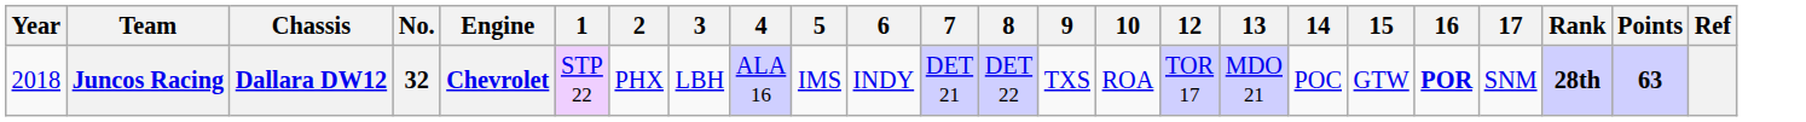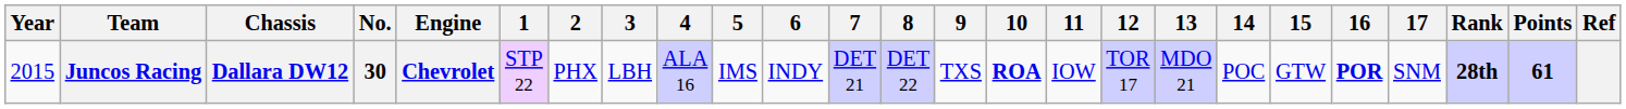 <table class="wikitable" style="text-align:center; font-size:85%">
 <tr>
 <th>Year</th>
 <th>Team</th>
 <th>Chassis</th>
 <th>No.</th>
 <th>Engine</th>
 <th>1</th>
 <th>2</th>
 <th>3</th>
 <th>4</th>
 <th>5</th>
 <th>6</th>
 <th>7</th>
 <th>8</th>
 <th>9</th>
 <th>10</th>
+<th>11</th>
 <th>12</th>
 <th>13</th>
 <th>14</th>
 <th>15</th>
 <th>16</th>
 <th>17</th>
 <th>Rank</th>
 <th>Points</th>
 <th>Ref</th>
 </tr>
 <tr>
-<td><a href='#'>2018</a></td>
+<td><a href='#'>2015</a></td>
 <th nowrap><a href='#'>Juncos Racing</a></th>
 <th nowrap><a href='#'>Dallara DW12</a></th>
-<th>32</th>
+<th>30</th>
 <th rowspan=1><a href='#'>Chevrolet</a></th>
 <td style="background:#EFCFFF;"><a href='#'>STP</a><br><small>22</small></td>
 <td><a href='#'>PHX</a></td>
 <td><a href='#'>LBH</a></td>
 <td style="background:#CFCFFF;"><a href='#'>ALA</a><br><small>16</small></td>
 <td><a href='#'>IMS</a></td>
 <td><a href='#'>INDY</a></td>
 <td style="background:#CFCFFF;"><a href='#'>DET</a><br><small>21</small></td>
 <td style="background:#CFCFFF;"><a href='#'>DET</a><br><small>22</small></td>
 <td><a href='#'>TXS</a></td>
-<td><a href='#'>ROA</a></td>
+<td><strong><a href='#'>ROA</a></strong></td>
+<td><a href='#'>IOW</a></td>
 <td style="background:#CFCFFF;"><a href='#'>TOR</a><br><small>17</small></td>
 <td style="background:#CFCFFF;"><a href='#'>MDO</a><br><small>21</small></td>
 <td><a href='#'>POC</a></td>
 <td><a href='#'>GTW</a></td>
 <td><strong><a href='#'>POR</a></strong></td>
 <td><a href='#'>SNM</a></td>
 <th style="background:#CFCFFF;">28th</th>
-<th style="background:#CFCFFF;">63</th>
+<th style="background:#CFCFFF;">61</th>
 <th></th>
 </tr>
 </table>
